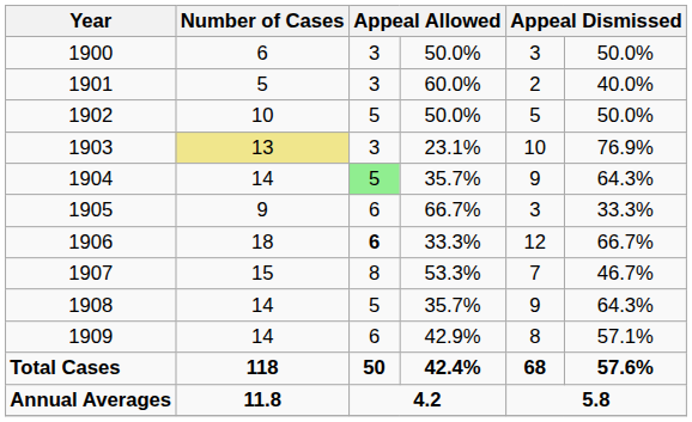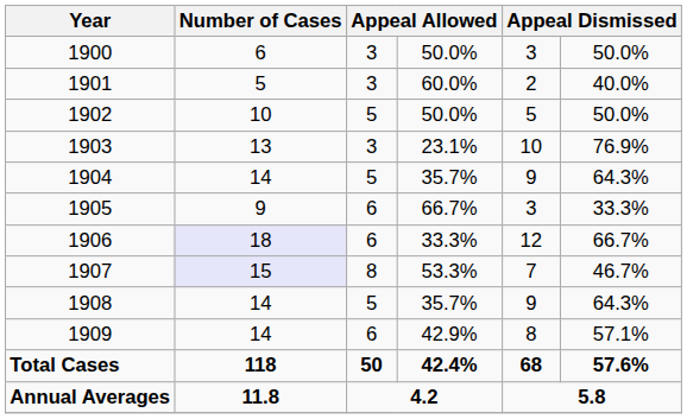 <table class="wikitable sortable">
 <tr>
 <th>Year</th>
 <th>Number of Cases</th>
 <th colspan=2>Appeal Allowed</th>
 <th colspan=2>Appeal Dismissed</th>
 </tr>
 <tr>
 <td style="text-align: center;">1900</td>
 <td style="text-align: center;">6</td>
 <td style="text-align: center;">3</td>
 <td style="text-align: center;">50.0%</td>
 <td style="text-align: center;">3</td>
 <td style="text-align: center;">50.0%</td>
 </tr>
 <tr>
 <td style="text-align: center;">1901</td>
 <td style="text-align: center;">5</td>
 <td style="text-align: center;">3</td>
 <td style="text-align: center;">60.0%</td>
 <td style="text-align: center;">2</td>
 <td style="text-align: center;">40.0%</td>
 </tr>
 <tr>
 <td style="text-align: center;">1902</td>
 <td style="text-align: center;">10</td>
 <td style="text-align: center;">5</td>
 <td style="text-align: center;">50.0%</td>
 <td style="text-align: center;">5</td>
 <td style="text-align: center;">50.0%</td>
 </tr>
 <tr>
 <td style="text-align: center;">1903</td>
-<td style="background: khaki; text-align: center;">13</td>
+<td style="text-align: center;">13</td>
 <td style="text-align: center;">3</td>
 <td style="text-align: center;">23.1%</td>
 <td style="text-align: center;">10</td>
 <td style="text-align: center;">76.9%</td>
 </tr>
 <tr>
 <td style="text-align: center;">1904</td>
 <td style="text-align: center;">14</td>
-<td style="background: lightgreen; text-align: center;">5</td>
+<td style="text-align: center;">5</td>
 <td style="text-align: center;">35.7%</td>
 <td style="text-align: center;">9</td>
 <td style="text-align: center;">64.3%</td>
 </tr>
 <tr>
 <td style="text-align: center;">1905</td>
 <td style="text-align: center;">9</td>
 <td style="text-align: center;">6</td>
 <td style="text-align: center;">66.7%</td>
 <td style="text-align: center;">3</td>
 <td style="text-align: center;">33.3%</td>
 </tr>
 <tr>
 <td style="text-align: center;">1906</td>
-<td style="text-align: center;">18</td>
-<td style="text-align: center;"><strong>6</strong></td>
+<td style="background: lavender; text-align: center;">18</td>
+<td style="text-align: center;">6</td>
 <td style="text-align: center;">33.3%</td>
 <td style="text-align: center;">12</td>
 <td style="text-align: center;">66.7%</td>
 </tr>
 <tr>
 <td style="text-align: center;">1907</td>
-<td style="text-align: center;">15</td>
+<td style="background: lavender; text-align: center;">15</td>
 <td style="text-align: center;">8</td>
 <td style="text-align: center;">53.3%</td>
 <td style="text-align: center;">7</td>
 <td style="text-align: center;">46.7%</td>
 </tr>
 <tr>
 <td style="text-align: center;">1908</td>
 <td style="text-align: center;">14</td>
 <td style="text-align: center;">5</td>
 <td style="text-align: center;">35.7%</td>
 <td style="text-align: center;">9</td>
 <td style="text-align: center;">64.3%</td>
 </tr>
 <tr>
 <td style="text-align: center;">1909</td>
 <td style="text-align: center;">14</td>
 <td style="text-align: center;">6</td>
 <td style="text-align: center;">42.9%</td>
 <td style="text-align: center;">8</td>
 <td style="text-align: center;">57.1%</td>
 </tr>
 <tr>
 <td><strong>Total Cases</strong></td>
 <td style="text-align: center;"><strong>118</strong></td>
 <td style="text-align: center;"><strong>50</strong></td>
 <td style="text-align: center;"><strong>42.4%</strong></td>
 <td style="text-align: center;"><strong>68</strong></td>
 <td style="text-align: center;"><strong>57.6%</strong></td>
 </tr>
 <tr>
 <td><strong>Annual Averages</strong></td>
 <td style="text-align: center;"><strong>11.8</strong></td>
 <td colspan=2 style="text-align:center;"><strong>4.2</strong></td>
 <td colspan=2 style="text-align:center;"><strong>5.8</strong></td>
 </tr>
 <tr>
 </tr>
 </table>
